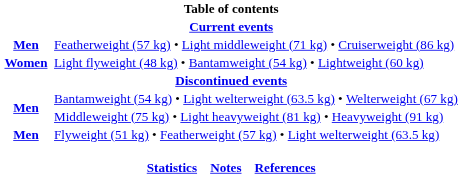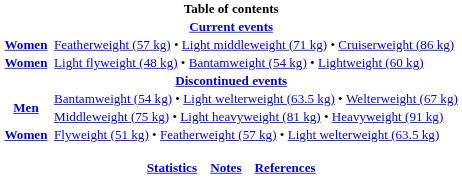 <table class="toc">
 <tr>
 <th colspan=2>Table of contents</th>
 </tr>
 <tr>
 <th colspan=2><a href='#'>Current events</a></th>
 </tr>
 <tr>
-<th><a href='#'>Men</a></th>
+<th><a href='#'>Women</a></th>
 <td> <a href='#'>Featherweight (57 kg)</a> • <a href='#'>Light middleweight (71 kg)</a> • <a href='#'>Cruiserweight (86 kg)</a></td>
 </tr>
 <tr>
 <th><a href='#'>Women</a></th>
 <td> <a href='#'>Light flyweight (48 kg)</a> • <a href='#'>Bantamweight (54 kg)</a> • <a href='#'>Lightweight (60 kg)</a></td>
 </tr>
 <tr>
 <th colspan=2><a href='#'>Discontinued events</a></th>
 </tr>
 <tr>
 <th rowspan=2><a href='#'>Men</a></th>
 <td> <a href='#'>Bantamweight (54 kg)</a> • <a href='#'>Light welterweight (63.5 kg)</a> • <a href='#'>Welterweight (67 kg)</a></td>
 </tr>
 <tr>
 <td> <a href='#'>Middleweight (75 kg)</a> • <a href='#'>Light heavyweight (81 kg)</a> • <a href='#'>Heavyweight (91 kg)</a></td>
 </tr>
 <tr>
-<th><a href='#'>Men</a></th>
+<th><a href='#'>Women</a></th>
 <td> <a href='#'>Flyweight (51 kg)</a> • <a href='#'>Featherweight (57 kg)</a> • <a href='#'>Light welterweight (63.5 kg)</a></td>
 </tr>
 <tr>
 <th colspan=2 align=center><br><a href='#'>Statistics</a>    <a href='#'>Notes</a>    <a href='#'>References</a></th>
 </tr>
 </table>
